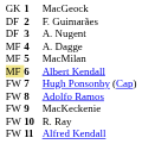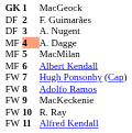 <table style="font-size:90%; margin:0.2em auto;" cellspacing="0" cellpadding="0">
 <tr>
 <th width="25"></th>
 <th width="25"></th>
 </tr>
 <tr>
-<td>GK</td>
+<td><strong>GK</strong></td>
 <td><strong>1</strong></td>
 <td> MacGeock</td>
 </tr>
 <tr>
 <td>DF</td>
 <td><strong>2</strong></td>
 <td> F. Guimarães</td>
 </tr>
 <tr>
 <td>DF</td>
 <td><strong>3</strong></td>
 <td> A. Nugent</td>
 </tr>
 <tr>
 <td>MF</td>
-<td><strong>4</strong></td>
+<td style="background: lightsalmon;"><strong>4</strong></td>
 <td> A. Dagge</td>
 </tr>
 <tr>
 <td>MF</td>
 <td><strong>5</strong></td>
 <td> MacMilan</td>
 </tr>
 <tr>
-<td style="background: khaki;">MF</td>
+<td>MF</td>
 <td><strong>6</strong></td>
 <td> <a href='#'>Albert Kendall</a></td>
 </tr>
 <tr>
 <td>FW</td>
 <td><strong>7</strong></td>
 <td> <a href='#'>Hugh Ponsonby</a> (<a href='#'>Cap</a>)</td>
 </tr>
 <tr>
 <td>FW</td>
 <td><strong>8</strong></td>
 <td> <a href='#'>Adolfo Ramos</a></td>
 </tr>
 <tr>
 <td>FW</td>
 <td><strong>9</strong></td>
 <td> MacKeckenie</td>
 </tr>
 <tr>
 <td>FW</td>
 <td><strong>10</strong></td>
 <td> R. Ray</td>
 </tr>
 <tr>
 <td>FW</td>
 <td><strong>11</strong></td>
 <td> <a href='#'>Alfred Kendall</a></td>
 </tr>
 <tr>
 </tr>
 </table>
